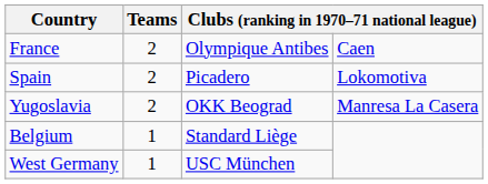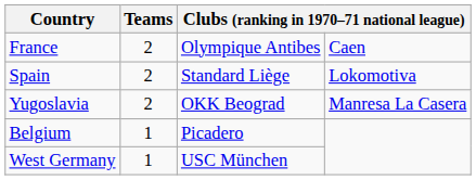 <table class="wikitable" style="margin-left:0.5em;">
 <tr>
 <th>Country</th>
 <th>Teams</th>
 <th colspan=5>Clubs <small>(ranking in 1970–71 national league)</small></th>
 </tr>
 <tr>
 <td> <a href='#'>France</a></td>
 <td align=center>2</td>
 <td><a href='#'>Olympique Antibes</a></td>
 <td><a href='#'>Caen</a></td>
 </tr>
 <tr>
 <td> <a href='#'>Spain</a></td>
 <td align=center>2</td>
-<td><a href='#'>Picadero</a></td>
+<td><a href='#'>Standard Liège</a></td>
 <td><a href='#'>Lokomotiva</a></td>
 </tr>
 <tr>
 <td> <a href='#'>Yugoslavia</a></td>
 <td align=center>2</td>
 <td><a href='#'>OKK Beograd</a></td>
 <td><a href='#'>Manresa La Casera</a></td>
 </tr>
 <tr>
 <td> <a href='#'>Belgium</a></td>
 <td align=center>1</td>
-<td><a href='#'>Standard Liège</a></td>
+<td><a href='#'>Picadero</a></td>
 </tr>
 <tr>
 <td> <a href='#'>West Germany</a></td>
 <td align=center>1</td>
 <td><a href='#'>USC München</a></td>
 </tr>
 </table>
